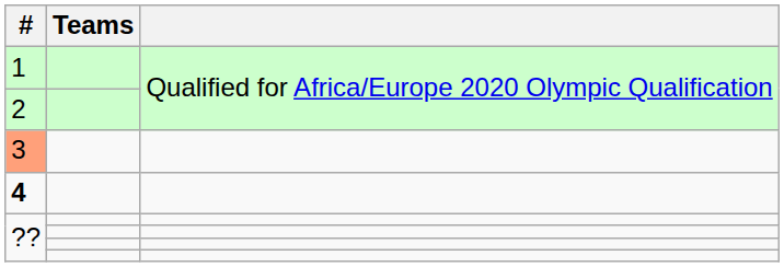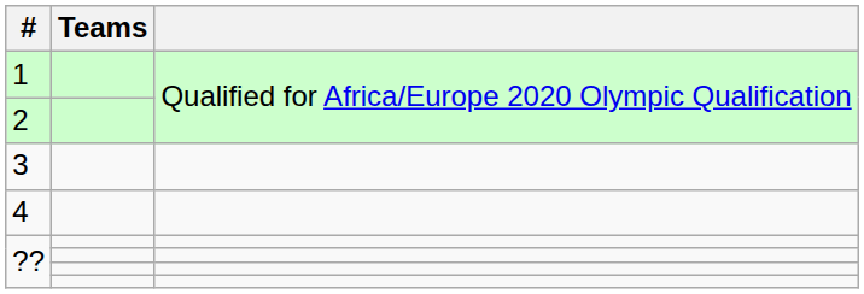 <table class="wikitable">
 <tr>
 <th>#</th>
 <th>Teams</th>
 <th></th>
 </tr>
 <tr bgcolor=ccffcc>
 <td>1</td>
 <td></td>
 <td rowspan="2">Qualified for <a href='#'>Africa/Europe 2020 Olympic Qualification</a></td>
 </tr>
 <tr bgcolor=ccffcc>
 <td>2</td>
 <td></td>
 </tr>
 <tr>
-<td style="background: lightsalmon;">3</td>
+<td>3</td>
 <td></td>
 <td></td>
 </tr>
 <tr>
-<td><strong>4</strong></td>
+<td>4</td>
 <td></td>
 <td></td>
 </tr>
 <tr>
 <td rowspan="4">??</td>
 <td></td>
 <td></td>
 </tr>
 <tr>
 <td></td>
 <td></td>
 </tr>
 <tr>
 <td></td>
 <td></td>
 </tr>
 <tr>
 <td></td>
 <td></td>
 </tr>
 </table>
